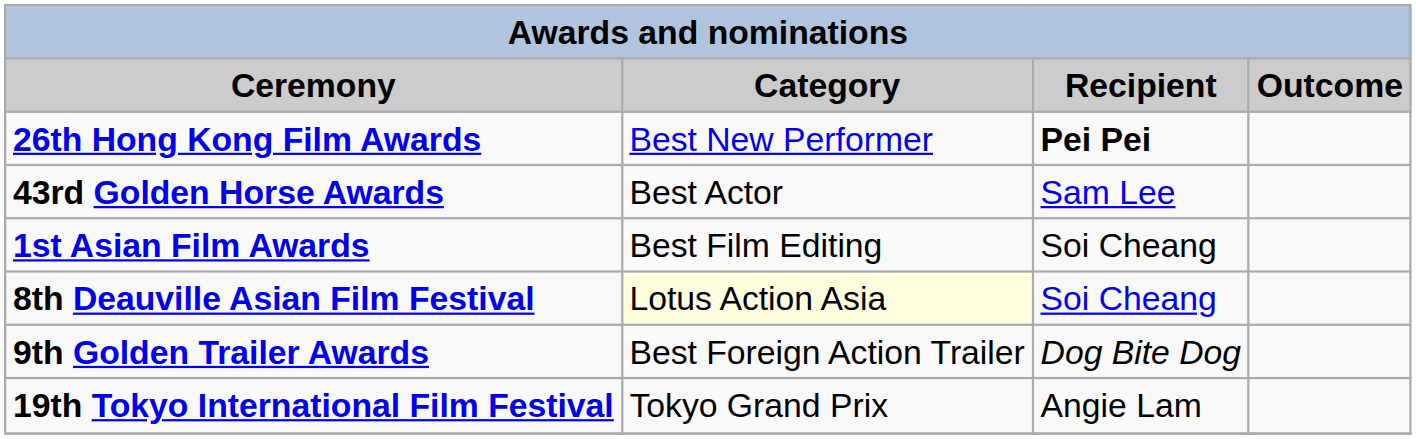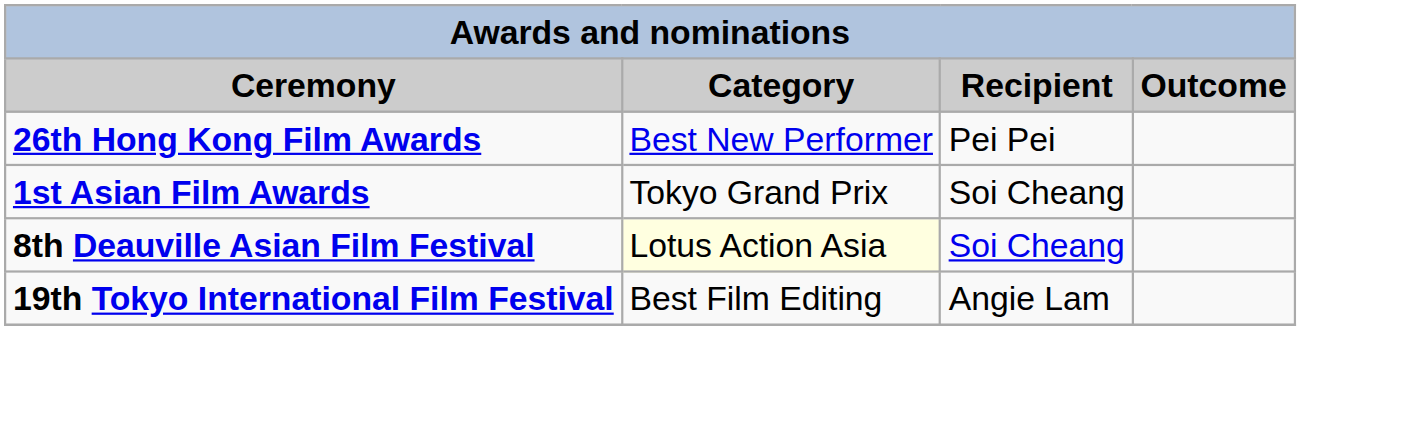 <table class="wikitable" style="font-size:95%;" ;>
 <tr style="background:#ccc; text-align:center;">
 <th colspan="4" style="background: LightSteelBlue;">Awards and nominations</th>
 </tr>
 <tr style="background:#ccc; text-align:center;">
 <th style="background:#ccc">Ceremony</th>
 <th style="background:#ccc">Category</th>
 <th style="background:#ccc">Recipient</th>
 <th style="background:#ccc">Outcome</th>
 </tr>
 <tr>
 <td><strong><a href='#'>26th Hong Kong Film Awards</a></strong></td>
 <td><a href='#'>Best New Performer</a></td>
-<td><strong>Pei Pei</strong></td>
-<td></td>
-</tr>
-<tr>
-<td><strong>43rd <a href='#'>Golden Horse Awards</a></strong></td>
-<td>Best Actor</td>
-<td><a href='#'>Sam Lee</a></td>
+<td>Pei Pei</td>
 <td></td>
 </tr>
 <tr>
 <td><strong><a href='#'>1st Asian Film Awards</a></strong></td>
-<td>Best Film Editing</td>
+<td>Tokyo Grand Prix</td>
 <td>Soi Cheang</td>
 <td></td>
 </tr>
 <tr>
 <td><strong>8th <a href='#'>Deauville Asian Film Festival</a></strong></td>
 <td style="background: lightyellow;">Lotus Action Asia</td>
 <td><a href='#'>Soi Cheang</a></td>
 <td></td>
 </tr>
 <tr>
-<td><strong>9th <a href='#'>Golden Trailer Awards</a></strong></td>
-<td>Best Foreign Action Trailer</td>
-<td><em>Dog Bite Dog</em></td>
-<td></td>
-</tr>
-<tr>
 <td><strong>19th <a href='#'>Tokyo International Film Festival</a></strong></td>
-<td>Tokyo Grand Prix</td>
+<td>Best Film Editing</td>
 <td>Angie Lam</td>
 <td></td>
 </tr>
 <tr>
 </tr>
 </table>
